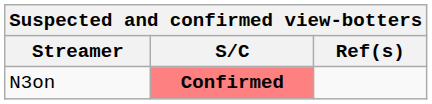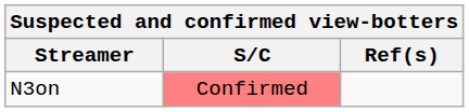 <table class=wikitable>
 <tr>
 <th colspan="8">Suspected and confirmed view-botters</th>
 </tr>
 <tr>
 <th scope="col">Streamer</th>
 <th scope="col">S/C</th>
 <th scope="col">Ref(s)</th>
 </tr>
 <tr>
 <td>N3on</td>
-<td style="text-align:center; background:#FF8080;"><strong>Confirmed</strong></td>
+<td style="text-align:center; background:#FF8080;">Confirmed</td>
 <td style="text-align:center;"></td>
 </tr>
 </table>
